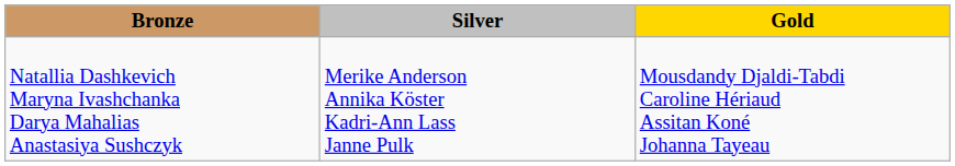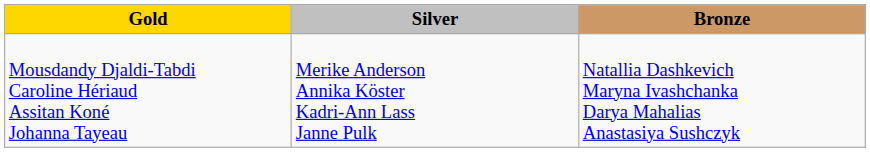 <table class="wikitable">
 <tr align="center">
+<td style="width: 15em; background: gold"><strong>Gold</strong></td>
+<td style="width: 15em; background: silver"><strong>Silver</strong></td>
 <td style="width: 15em; background: #CC9966"><strong>Bronze</strong></td>
-<td style="width: 15em; background: silver"><strong>Silver</strong></td>
-<td style="width: 15em; background: gold"><strong>Gold</strong></td>
 </tr>
 <tr valign="top">
+<td><br><a href='#'>Mousdandy Djaldi-Tabdi</a><br><a href='#'>Caroline Hériaud</a><br><a href='#'>Assitan Koné</a><br><a href='#'>Johanna Tayeau</a></td>
+<td><br><a href='#'>Merike Anderson</a><br><a href='#'>Annika Köster</a><br><a href='#'>Kadri-Ann Lass</a><br><a href='#'>Janne Pulk</a></td>
 <td><br><a href='#'>Natallia Dashkevich</a><br><a href='#'>Maryna Ivashchanka</a><br><a href='#'>Darya Mahalias</a><br><a href='#'>Anastasiya Sushczyk</a></td>
-<td><br><a href='#'>Merike Anderson</a><br><a href='#'>Annika Köster</a><br><a href='#'>Kadri-Ann Lass</a><br><a href='#'>Janne Pulk</a></td>
-<td><br><a href='#'>Mousdandy Djaldi-Tabdi</a><br><a href='#'>Caroline Hériaud</a><br><a href='#'>Assitan Koné</a><br><a href='#'>Johanna Tayeau</a></td>
 </tr>
 </table>
